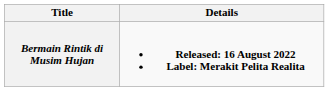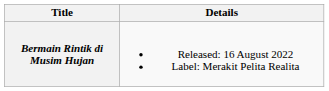 <table class="wikitable plainrowheaders" style="text-align:center;">
 <tr>
 <th scope="col" style="width:10em;">Title</th>
 <th scope="col" style="width:18em;">Details</th>
 </tr>
 <tr>
 <th scope="row"><em>Bermain Rintik di Musim Hujan</em><br></th>
-<td><strong><br><ul><li>Released: 16 August 2022</li><li>Label: Merakit Pelita Realita</li></ul></strong></td>
+<td><br><ul><li>Released: 16 August 2022</li><li>Label: Merakit Pelita Realita</li></ul></td>
 </tr>
 </table>
